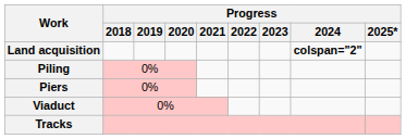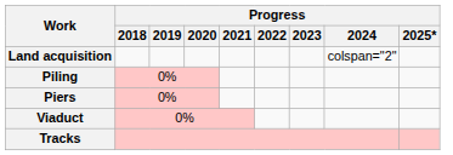 <table class="wikitable sticky-header-multi">
 <tr>
 <th rowspan=2>Work</th>
 <th colspan=8>Progress</th>
 </tr>
 <tr>
 <th>2018</th>
 <th>2019</th>
 <th>2020</th>
 <th>2021</th>
 <th>2022</th>
 <th>2023</th>
 <th>2024</th>
 <th>2025*</th>
 </tr>
 <tr>
 <th>Land acquisition</th>
 <td></td>
 <td></td>
 <td></td>
 <td></td>
 <td></td>
 <td></td>
-<td><strong>colspan="2" </strong></td>
+<td>colspan="2" </td>
 </tr>
 <tr>
 <th>Piling</th>
 <td colspan="3" style="background :#FFC7C7; text-align:center;">0%</td>
 <td></td>
 <td></td>
 <td></td>
 <td></td>
 <td></td>
 </tr>
 <tr>
 <th>Piers</th>
 <td colspan="3" style="background :#FFC7C7; text-align:center;">0%</td>
 <td></td>
 <td></td>
 <td></td>
 <td></td>
 <td></td>
 </tr>
 <tr>
 <th>Viaduct</th>
 <td colspan="4" style="background :#FFC7C7; text-align:center;">0%</td>
 <td></td>
 <td></td>
 <td></td>
 <td></td>
 </tr>
 <tr>
 <th>Tracks</th>
 <td colspan="7" style="background :#FFC7C7; text-align:center;"></td>
 <td style="background: #FFC7C7; text-align:center;"></td>
 </tr>
 </table>
